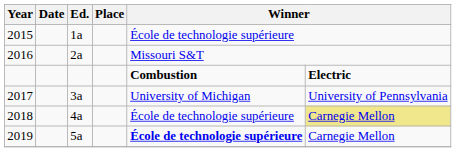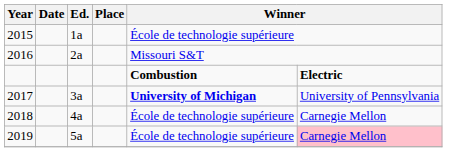 <table class="wikitable">
 <tr>
 <th>Year</th>
 <th>Date</th>
 <th>Ed.</th>
 <th>Place</th>
 <th colspan="3">Winner</th>
 </tr>
 <tr>
 <td>2015</td>
 <td></td>
 <td>1a</td>
 <td></td>
 <td colspan="3"> <a href='#'>École de technologie supérieure</a></td>
 </tr>
 <tr>
 <td>2016</td>
 <td></td>
 <td>2a</td>
 <td></td>
 <td colspan="3"> <a href='#'>Missouri S&T</a></td>
 </tr>
 <tr>
 <td></td>
 <td></td>
 <td></td>
 <td></td>
 <td><strong>Combustion</strong></td>
 <td><strong>Electric</strong></td>
 </tr>
 <tr>
 <td>2017</td>
 <td></td>
 <td>3a</td>
 <td></td>
-<td> <a href='#'>University of Michigan</a></td>
+<td><strong> <a href='#'>University of Michigan</a></strong></td>
 <td> <a href='#'>University of Pennsylvania</a></td>
 </tr>
 <tr>
 <td>2018</td>
 <td></td>
 <td>4a</td>
 <td></td>
 <td> <a href='#'>École de technologie supérieure</a></td>
-<td style="background: khaki;"> <a href='#'>Carnegie Mellon</a></td>
+<td> <a href='#'>Carnegie Mellon</a></td>
 </tr>
 <tr>
 <td>2019</td>
 <td></td>
 <td>5a</td>
 <td></td>
-<td><strong> <a href='#'>École de technologie supérieure</a></strong></td>
-<td> <a href='#'>Carnegie Mellon</a></td>
+<td> <a href='#'>École de technologie supérieure</a></td>
+<td style="background: pink;"> <a href='#'>Carnegie Mellon</a></td>
 </tr>
 <tr>
 </tr>
 </table>
